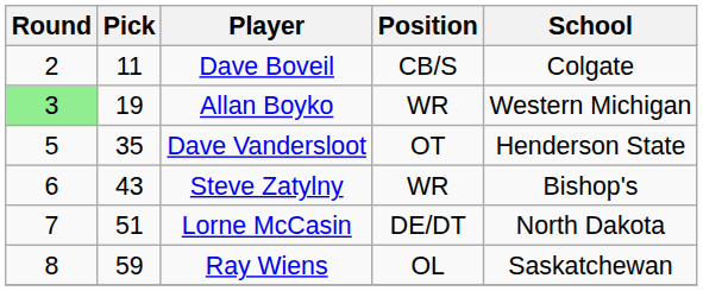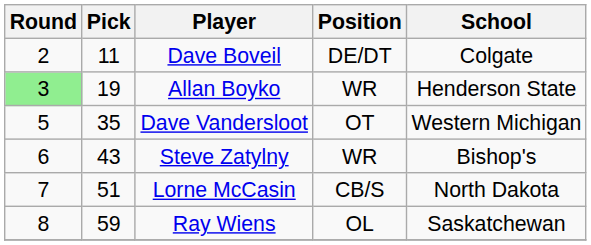 <table class="wikitable" style="font-size: 95%;">
 <tr>
 <th scope="col">Round</th>
 <th scope="col">Pick</th>
 <th scope="col">Player</th>
 <th scope="col">Position</th>
 <th scope="col">School</th>
 </tr>
 <tr align="center">
 <td align=center>2</td>
 <td>11</td>
 <td><a href='#'>Dave Boveil</a></td>
-<td>CB/S</td>
+<td>DE/DT</td>
 <td>Colgate</td>
 </tr>
 <tr align="center">
 <td align=center style="background: lightgreen;">3</td>
 <td>19</td>
 <td><a href='#'>Allan Boyko</a></td>
 <td>WR</td>
-<td>Western Michigan</td>
+<td>Henderson State</td>
 </tr>
 <tr align="center">
 <td align=center>5</td>
 <td>35</td>
 <td><a href='#'>Dave Vandersloot</a></td>
 <td>OT</td>
-<td>Henderson State</td>
+<td>Western Michigan</td>
 </tr>
 <tr align="center">
 <td align=center>6</td>
 <td>43</td>
 <td><a href='#'>Steve Zatylny</a></td>
 <td>WR</td>
 <td>Bishop's</td>
 </tr>
 <tr align="center">
 <td align=center>7</td>
 <td>51</td>
 <td><a href='#'>Lorne McCasin</a></td>
-<td>DE/DT</td>
+<td>CB/S</td>
 <td>North Dakota</td>
 </tr>
 <tr align="center">
 <td align=center>8</td>
 <td>59</td>
 <td><a href='#'>Ray Wiens</a></td>
 <td>OL</td>
 <td>Saskatchewan</td>
 </tr>
 <tr>
 </tr>
 </table>
